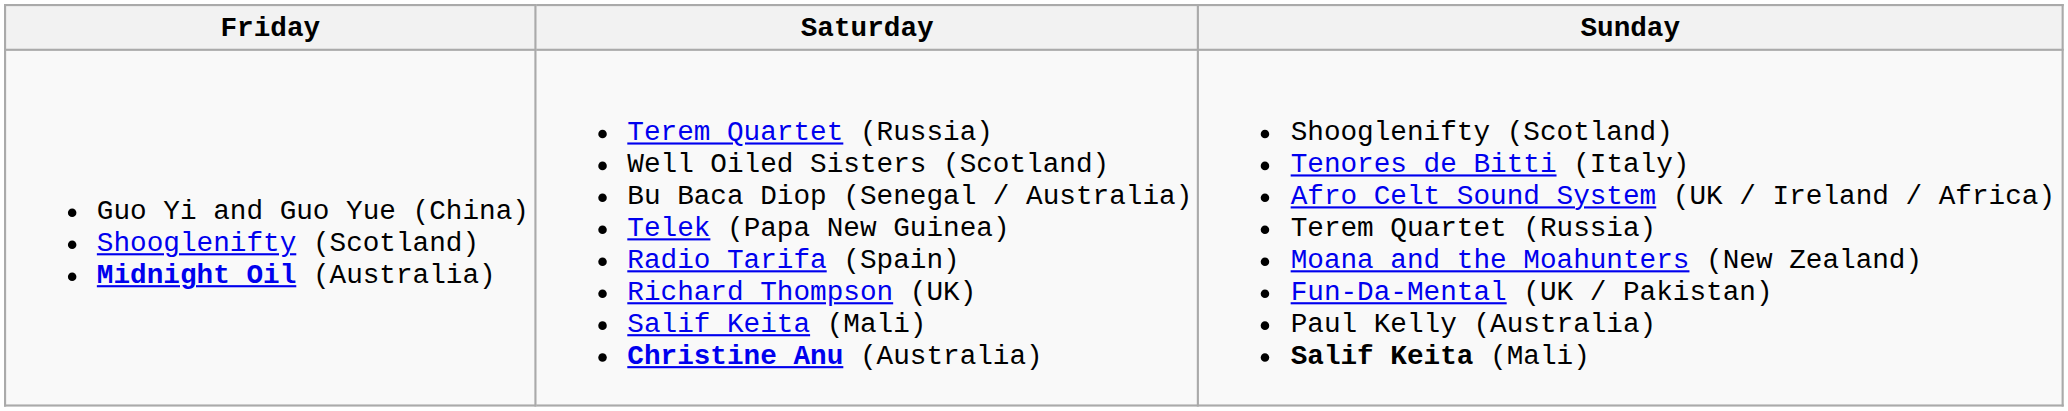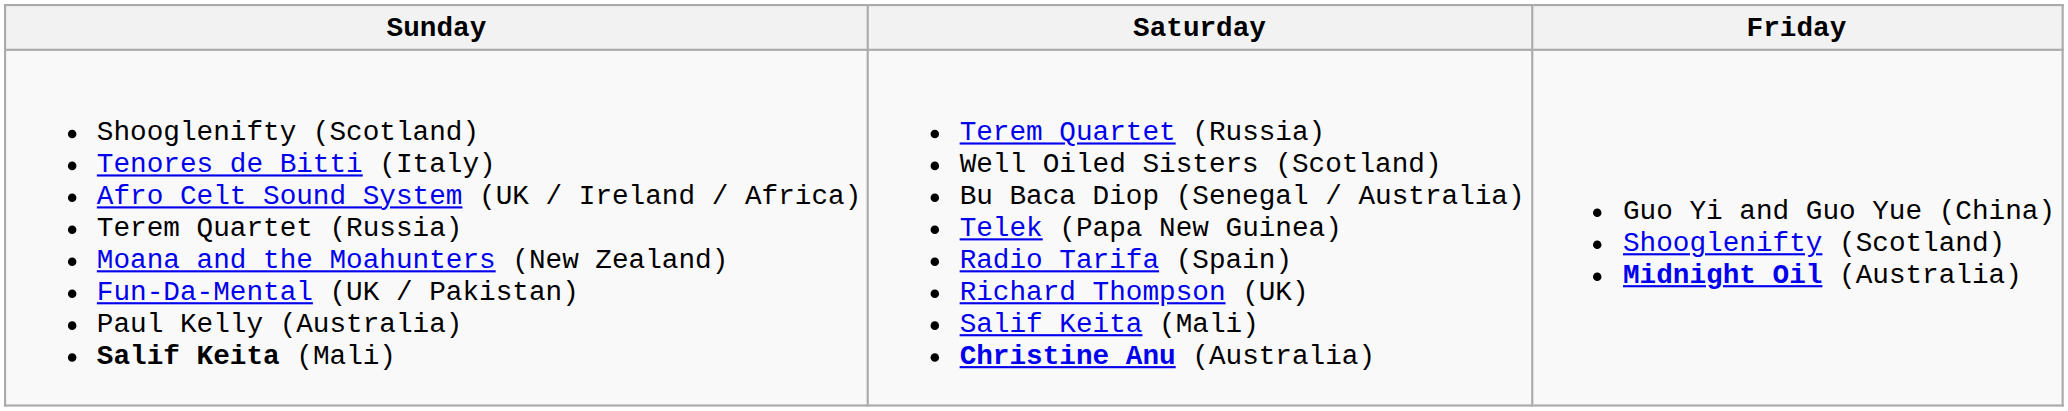 <table class="wikitable">
 <tr>
+<th>Sunday</th>
+<th>Saturday</th>
 <th>Friday</th>
-<th>Saturday</th>
-<th>Sunday</th>
 </tr>
 <tr>
+<td><br><ul><li>Shooglenifty (Scotland)</li><li><a href='#'>Tenores de Bitti</a> (Italy)</li><li><a href='#'>Afro Celt Sound System</a> (UK / Ireland / Africa)</li><li>Terem Quartet (Russia)</li><li><a href='#'>Moana and the Moahunters</a> (New Zealand)</li><li><a href='#'>Fun-Da-Mental</a> (UK / Pakistan)</li><li>Paul Kelly (Australia)</li><li><strong>Salif Keita</strong> (Mali)</li></ul></td>
+<td><br><ul><li><a href='#'>Terem Quartet</a> (Russia)</li><li>Well Oiled Sisters (Scotland)</li><li>Bu Baca Diop (Senegal / Australia)</li><li><a href='#'>Telek</a> (Papa New Guinea)</li><li><a href='#'>Radio Tarifa</a> (Spain)</li><li><a href='#'>Richard Thompson</a> (UK)</li><li><a href='#'>Salif Keita</a> (Mali)</li><li><strong><a href='#'>Christine Anu</a></strong> (Australia)</li></ul></td>
 <td><br><ul><li>Guo Yi and Guo Yue (China)</li><li><a href='#'>Shooglenifty</a> (Scotland)</li><li><strong><a href='#'>Midnight Oil</a></strong> (Australia)</li></ul></td>
-<td><br><ul><li><a href='#'>Terem Quartet</a> (Russia)</li><li>Well Oiled Sisters (Scotland)</li><li>Bu Baca Diop (Senegal / Australia)</li><li><a href='#'>Telek</a> (Papa New Guinea)</li><li><a href='#'>Radio Tarifa</a> (Spain)</li><li><a href='#'>Richard Thompson</a> (UK)</li><li><a href='#'>Salif Keita</a> (Mali)</li><li><strong><a href='#'>Christine Anu</a></strong> (Australia)</li></ul></td>
-<td><br><ul><li>Shooglenifty (Scotland)</li><li><a href='#'>Tenores de Bitti</a> (Italy)</li><li><a href='#'>Afro Celt Sound System</a> (UK / Ireland / Africa)</li><li>Terem Quartet (Russia)</li><li><a href='#'>Moana and the Moahunters</a> (New Zealand)</li><li><a href='#'>Fun-Da-Mental</a> (UK / Pakistan)</li><li>Paul Kelly (Australia)</li><li><strong>Salif Keita</strong> (Mali)</li></ul></td>
 </tr>
 </table>
